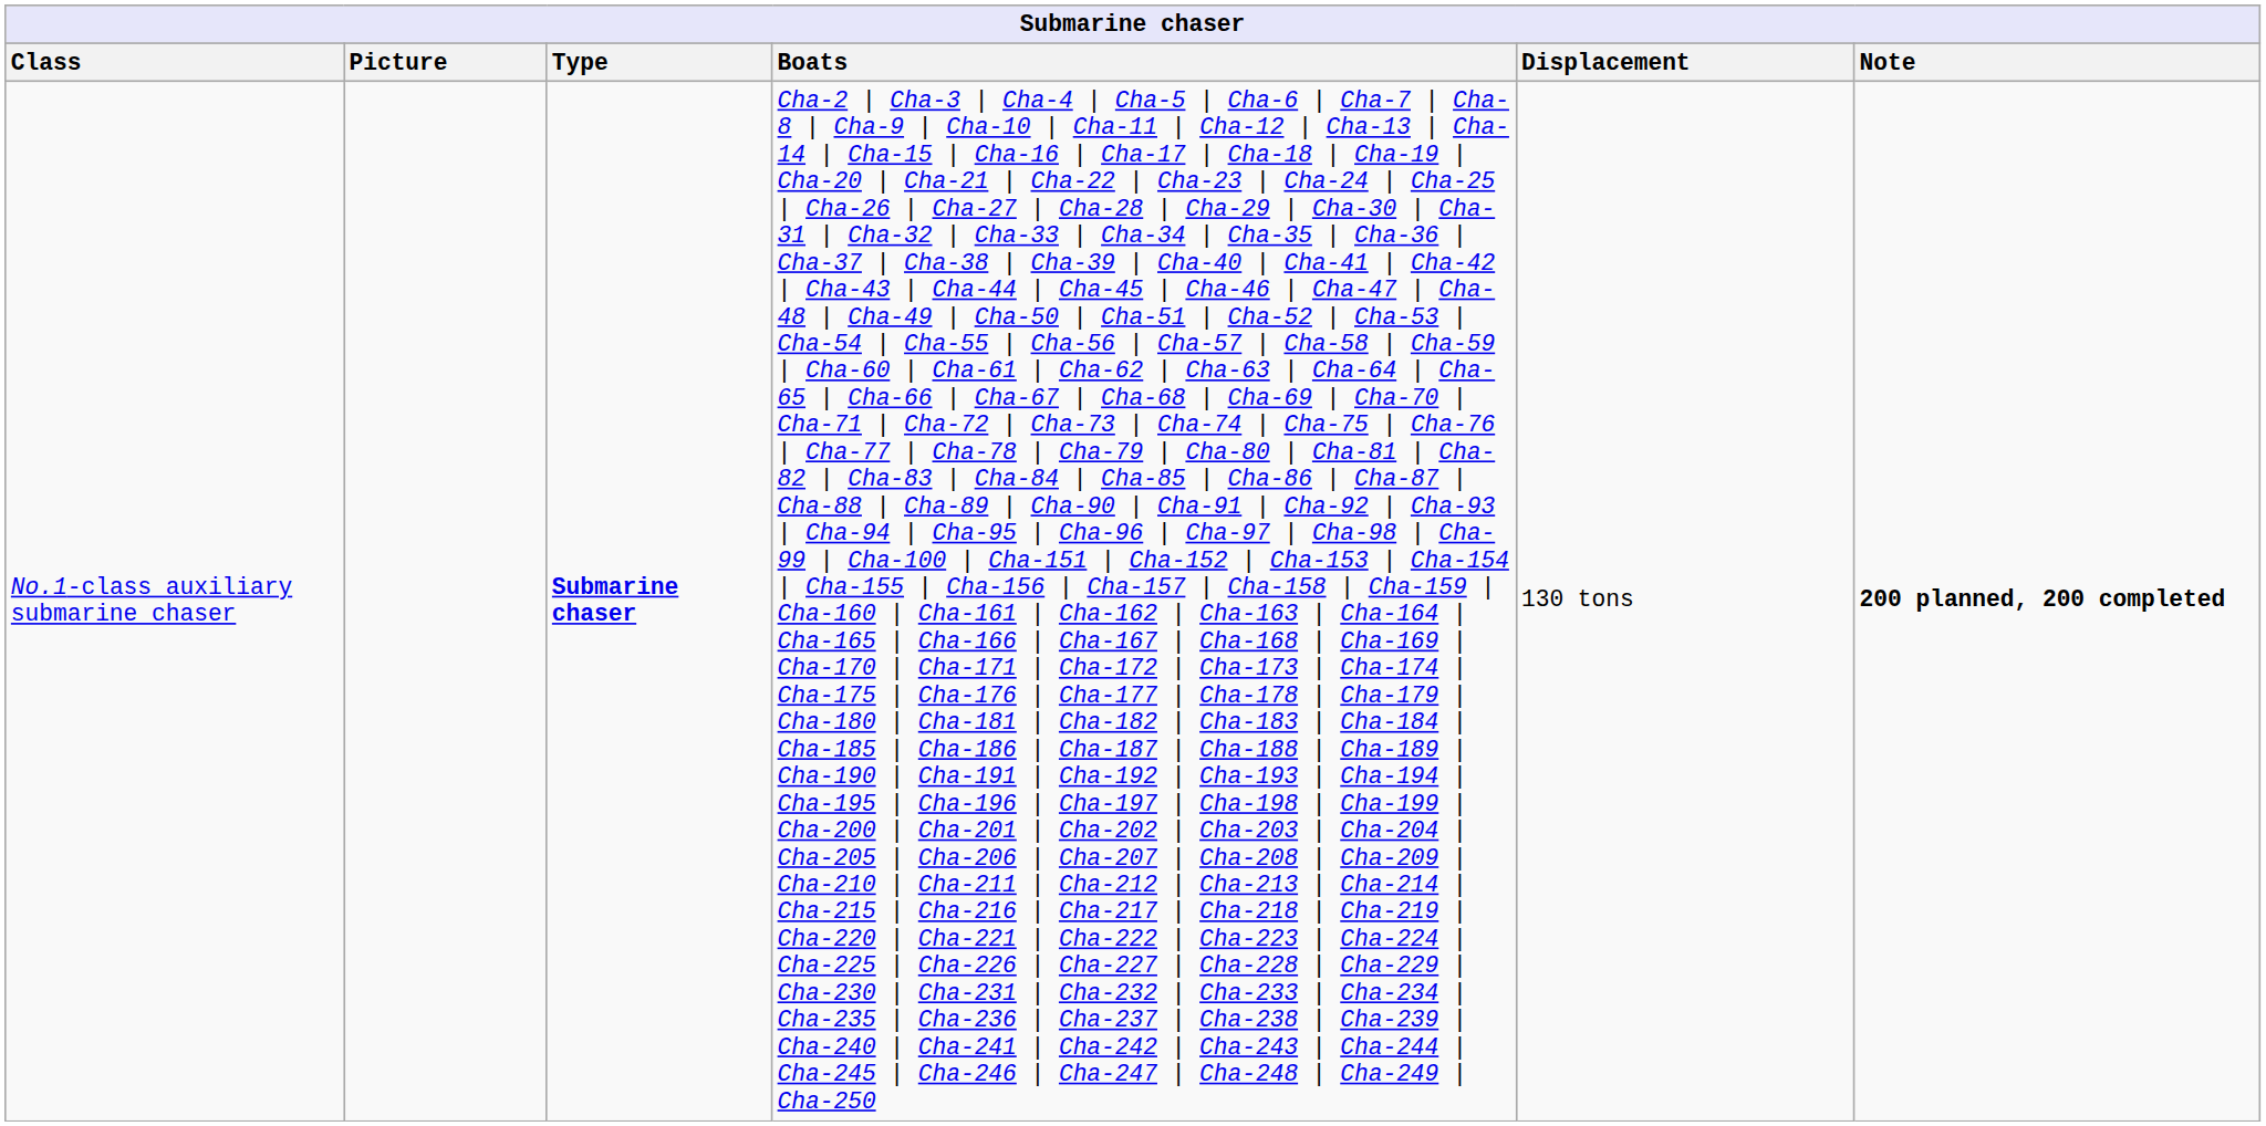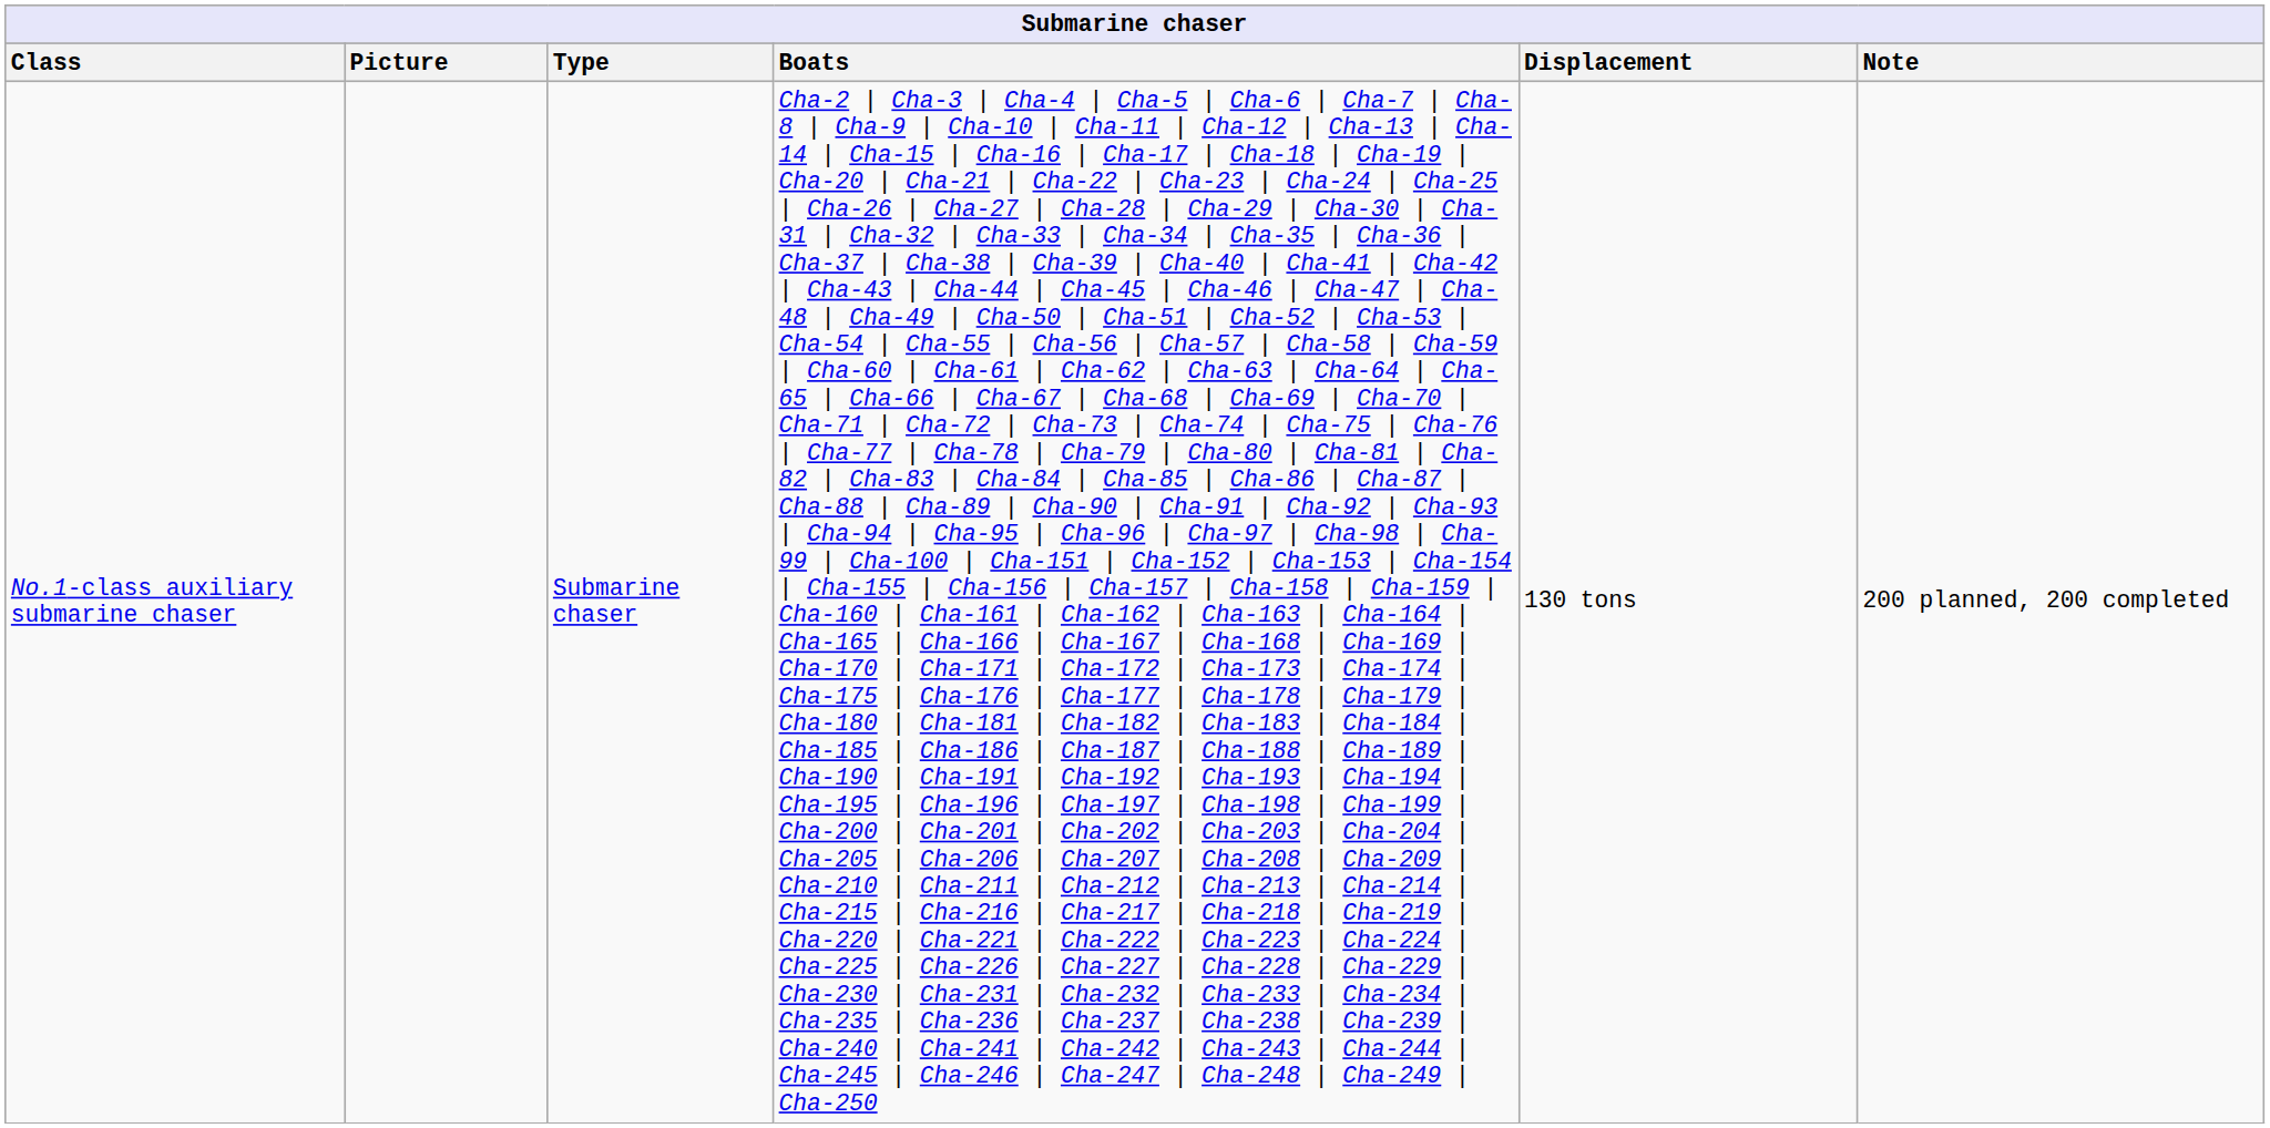 <table class="wikitable ">
 <tr>
 <th colspan="6" style="background: lavender;">Submarine chaser</th>
 </tr>
 <tr>
 <th style="text-align:left; width:15%;">Class</th>
 <th style="text-align:left; width:9%;">Picture</th>
 <th style="text-align:left; width:10%;">Type</th>
 <th style="text-align:left; width:33%;">Boats</th>
 <th style="text-align:left; width:15%;">Displacement</th>
 <th style="text-align:left; width:20%;">Note</th>
 </tr>
 <tr>
 <td><a href='#'><em>No.1</em>-class auxiliary submarine chaser</a></td>
 <td></td>
-<td><strong><a href='#'>Submarine chaser</a></strong></td>
+<td><a href='#'>Submarine chaser</a></td>
 <td><a href='#'><em>Cha-2</em></a>  | <em><a href='#'>Cha-3</a></em>  | <em><a href='#'>Cha-4</a></em>  | <em><a href='#'>Cha-5</a></em>  | <em><a href='#'>Cha-6</a></em>  | <em><a href='#'>Cha-7</a></em>  | <em><a href='#'>Cha-8</a></em>  | <em><a href='#'>Cha-9</a></em>  | <em><a href='#'>Cha-10</a></em>  | <em><a href='#'>Cha-11</a></em>  | <em><a href='#'>Cha-12</a></em>  | <em><a href='#'>Cha-13</a></em>  | <em><a href='#'>Cha-14</a></em>  | <em><a href='#'>Cha-15</a></em>  | <em><a href='#'>Cha-16</a></em>  | <em><a href='#'>Cha-17</a></em>  | <em><a href='#'>Cha-18</a></em>  | <em><a href='#'>Cha-19</a></em>  | <em><a href='#'>Cha-20</a></em>  | <em><a href='#'>Cha-21</a></em>  | <em><a href='#'>Cha-22</a></em>  | <em><a href='#'>Cha-23</a></em>  | <em><a href='#'>Cha-24</a></em>  | <em><a href='#'>Cha-25</a></em>  | <em><a href='#'>Cha-26</a></em>  | <em><a href='#'>Cha-27</a></em>  | <em><a href='#'>Cha-28</a></em>  | <em><a href='#'>Cha-29</a></em>  | <em><a href='#'>Cha-30</a></em>  | <em><a href='#'>Cha-31</a></em>  | <em><a href='#'>Cha-32</a></em>  | <em><a href='#'>Cha-33</a></em>  | <em><a href='#'>Cha-34</a></em>  | <em><a href='#'>Cha-35</a></em>  | <em><a href='#'>Cha-36</a></em>  | <em><a href='#'>Cha-37</a></em>  | <em><a href='#'>Cha-38</a></em>  | <em><a href='#'>Cha-39</a></em>  | <em><a href='#'>Cha-40</a></em>  | <em><a href='#'>Cha-41</a></em>  | <em><a href='#'>Cha-42</a></em>  | <em><a href='#'>Cha-43</a></em>  | <em><a href='#'>Cha-44</a></em>  | <em><a href='#'>Cha-45</a></em>  | <em><a href='#'>Cha-46</a></em>  | <em><a href='#'>Cha-47</a></em>  | <em><a href='#'>Cha-48</a></em>  | <em><a href='#'>Cha-49</a></em>  | <em><a href='#'>Cha-50</a></em>  | <em><a href='#'>Cha-51</a></em>  | <em><a href='#'>Cha-52</a></em>  | <em><a href='#'>Cha-53</a></em>  | <em><a href='#'>Cha-54</a></em>  | <em><a href='#'>Cha-55</a></em>  | <em><a href='#'>Cha-56</a></em>  | <em><a href='#'>Cha-57</a></em>  | <em><a href='#'>Cha-58</a></em>  | <em><a href='#'>Cha-59</a></em>  | <em><a href='#'>Cha-60</a></em>  | <em><a href='#'>Cha-61</a></em>  | <em><a href='#'>Cha-62</a></em>  | <em><a href='#'>Cha-63</a></em>  | <em><a href='#'>Cha-64</a></em>  | <em><a href='#'>Cha-65</a></em>  | <em><a href='#'>Cha-66</a></em>  | <em><a href='#'>Cha-67</a></em>  | <em><a href='#'>Cha-68</a></em>  | <em><a href='#'>Cha-69</a></em>  | <em><a href='#'>Cha-70</a></em>  | <em><a href='#'>Cha-71</a></em>  | <em><a href='#'>Cha-72</a></em>  | <em><a href='#'>Cha-73</a></em>  | <em><a href='#'>Cha-74</a></em>  | <em><a href='#'>Cha-75</a></em>  | <em><a href='#'>Cha-76</a></em>  | <em><a href='#'>Cha-77</a></em>  | <em><a href='#'>Cha-78</a></em>  | <em><a href='#'>Cha-79</a></em>  | <em><a href='#'>Cha-80</a></em>  | <em><a href='#'>Cha-81</a></em>  | <em><a href='#'>Cha-82</a></em>  | <em><a href='#'>Cha-83</a></em>  | <em><a href='#'>Cha-84</a></em>  | <em><a href='#'>Cha-85</a></em>  | <em><a href='#'>Cha-86</a></em>  | <em><a href='#'>Cha-87</a></em>  | <em><a href='#'>Cha-88</a></em>  | <em><a href='#'>Cha-89</a></em>  | <em><a href='#'>Cha-90</a></em>  | <em><a href='#'>Cha-91</a></em>  | <em><a href='#'>Cha-92</a></em>  | <em><a href='#'>Cha-93</a></em>  | <em><a href='#'>Cha-94</a></em>  | <em><a href='#'>Cha-95</a></em>  | <em><a href='#'>Cha-96</a></em>  | <em><a href='#'>Cha-97</a></em>  | <em><a href='#'>Cha-98</a></em>  | <em><a href='#'>Cha-99</a></em>  | <em><a href='#'>Cha-100</a></em>  | <em><a href='#'>Cha-151</a></em>  | <em><a href='#'>Cha-152</a></em>  | <em><a href='#'>Cha-153</a></em>  | <em><a href='#'>Cha-154</a></em>   |   <em><a href='#'>Cha-155</a></em>  | <a href='#'><em>Cha-156</em></a> | <em><a href='#'>Cha-157</a></em>  | <em><a href='#'>Cha-158</a></em>  | <em><a href='#'>Cha-159</a></em>  | <em><a href='#'>Cha-160</a></em>  | <em><a href='#'>Cha-161</a></em>  | <em><a href='#'>Cha-162</a></em>  | <em><a href='#'>Cha-163</a></em>  | <em><a href='#'>Cha-164</a></em>  | <em><a href='#'>Cha-165</a></em>  | <em><a href='#'>Cha-166</a></em>  | <em><a href='#'>Cha-167</a></em>  | <em><a href='#'>Cha-168</a></em>  | <em><a href='#'>Cha-169</a></em>  | <em><a href='#'>Cha-170</a></em>  | <em><a href='#'>Cha-171</a></em>  | <em><a href='#'>Cha-172</a></em>  | <em><a href='#'>Cha-173</a></em>  | <em><a href='#'>Cha-174</a></em>  | <em><a href='#'>Cha-175</a></em>  | <em><a href='#'>Cha-176</a></em>  | <em><a href='#'>Cha-177</a></em>  | <em><a href='#'>Cha-178</a></em>  | <em><a href='#'>Cha-179</a></em>  | <em><a href='#'>Cha-180</a></em>  | <em><a href='#'>Cha-181</a></em>  | <em><a href='#'>Cha-182</a></em>  | <em><a href='#'>Cha-183</a></em>  | <em><a href='#'>Cha-184</a></em>  | <em><a href='#'>Cha-185</a></em>  | <em><a href='#'>Cha-186</a></em>  | <em><a href='#'>Cha-187</a></em>  | <em><a href='#'>Cha-188</a></em>  | <em><a href='#'>Cha-189</a></em>  | <em><a href='#'>Cha-190</a></em>  |  <em><a href='#'>Cha-191</a></em>  |  <em><a href='#'>Cha-192</a></em>  |   <em><a href='#'>Cha-193</a></em>  |   <em><a href='#'>Cha-194</a></em>  |   <em><a href='#'>Cha-195</a></em>  |   <em><a href='#'>Cha-196</a></em>  |   <em><a href='#'>Cha-197</a></em>  |   <em><a href='#'>Cha-198</a></em>  |   <em><a href='#'>Cha-199</a></em>  |   <em><a href='#'>Cha-200</a></em>  |   <em><a href='#'>Cha-201</a></em>  |   <em><a href='#'>Cha-202</a></em>  |   <em><a href='#'>Cha-203</a></em>  |   <em><a href='#'>Cha-204</a></em>  |   <em><a href='#'>Cha-205</a></em>  |   <em><a href='#'>Cha-206</a></em>  |   <em><a href='#'>Cha-207</a></em>  |   <em><a href='#'>Cha-208</a></em>  |   <em><a href='#'>Cha-209</a></em>  |   <em><a href='#'>Cha-210</a></em>  |   <em><a href='#'>Cha-211</a></em>  |   <em><a href='#'>Cha-212</a></em>  |   <em><a href='#'>Cha-213</a></em>  |   <em><a href='#'>Cha-214</a></em>  |   <a href='#'><em>Cha-215</em></a>  |   <em><a href='#'>Cha-216</a></em>  |   <a href='#'><em>Cha-217</em></a>  |   <em><a href='#'>Cha-218</a></em>  |   <em><a href='#'>Cha-219</a></em>  |  <em><a href='#'>Cha-220</a></em>  |    <a href='#'><em>Cha-221</em></a>  |   <a href='#'><em>Cha-222</em></a>  |   <em><a href='#'>Cha-223</a></em>  |   <em><a href='#'>Cha-224</a></em>  |   <em><a href='#'>Cha-225</a></em>  |   <em><a href='#'>Cha-226</a></em>  |   <em><a href='#'>Cha-227</a></em>  |   <em><a href='#'>Cha-228</a></em>  |   <em><a href='#'>Cha-229</a></em>  |   <em><a href='#'>Cha-230</a></em>  |   <a href='#'><em>Cha-231</em></a>  |   <a href='#'><em>Cha-232</em></a>  |   <em><a href='#'>Cha-233</a></em>  |   <em><a href='#'>Cha-234</a></em>  |   <em><a href='#'>Cha-235</a></em>  |   <em><a href='#'>Cha-236</a></em>  |   <em><a href='#'>Cha-237</a></em>  |   <em><a href='#'>Cha-238</a></em>  |   <em><a href='#'>Cha-239</a></em>  |   <em><a href='#'>Cha-240</a></em>  |  <a href='#'><em>Cha-241</em></a>  |   <em><a href='#'>Cha-242</a></em>  |   <em><a href='#'>Cha-243</a></em>  |  <em><a href='#'>Cha-244</a></em>  |    <a href='#'><em>Cha-245</em></a>  |   <a href='#'><em>Cha-246</em></a>  |     <em><a href='#'>Cha-247</a></em>  |     <em><a href='#'>Cha-248</a></em>  |    <a href='#'><em>Cha-249</em></a>  |     <em><a href='#'>Cha-250</a></em></td>
 <td>130 tons</td>
-<td><strong>200 planned, 200 completed</strong></td>
+<td>200 planned, 200 completed</td>
 </tr>
 </table>
